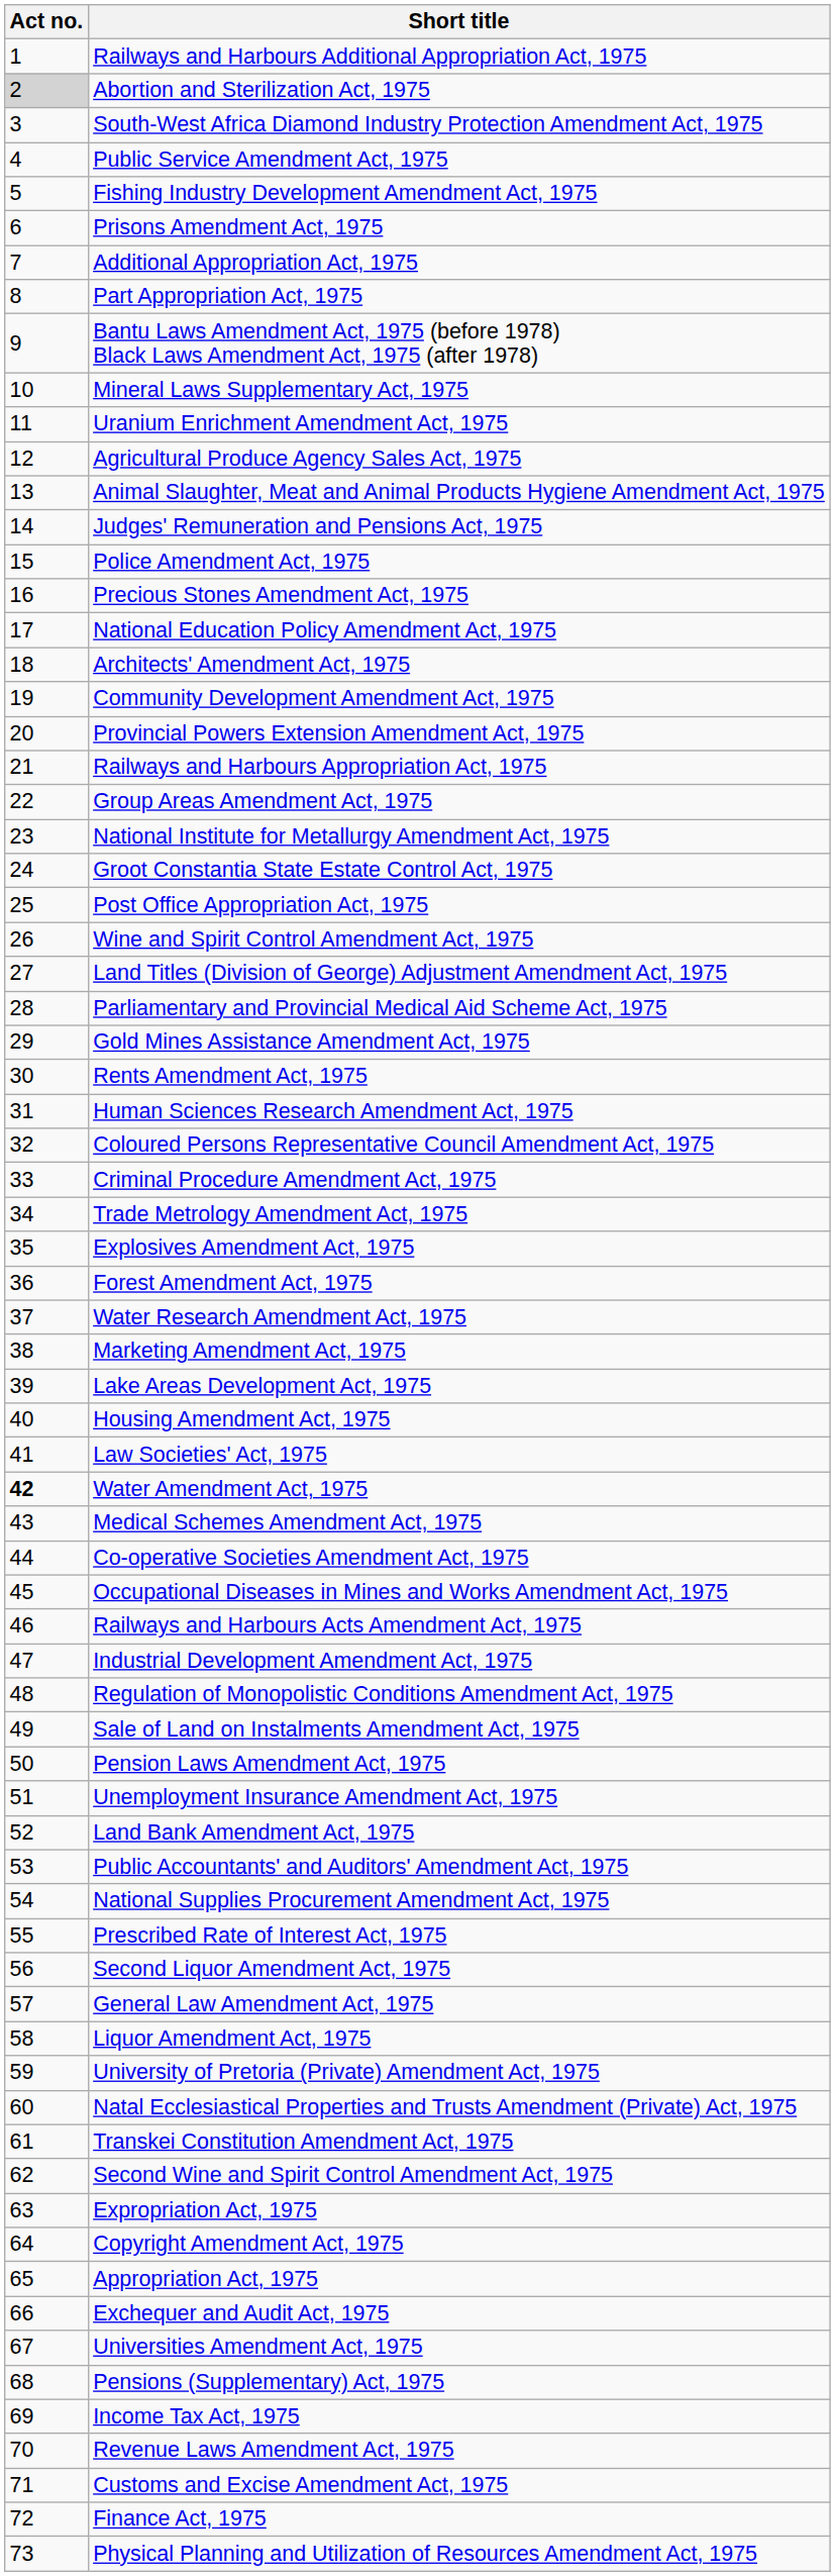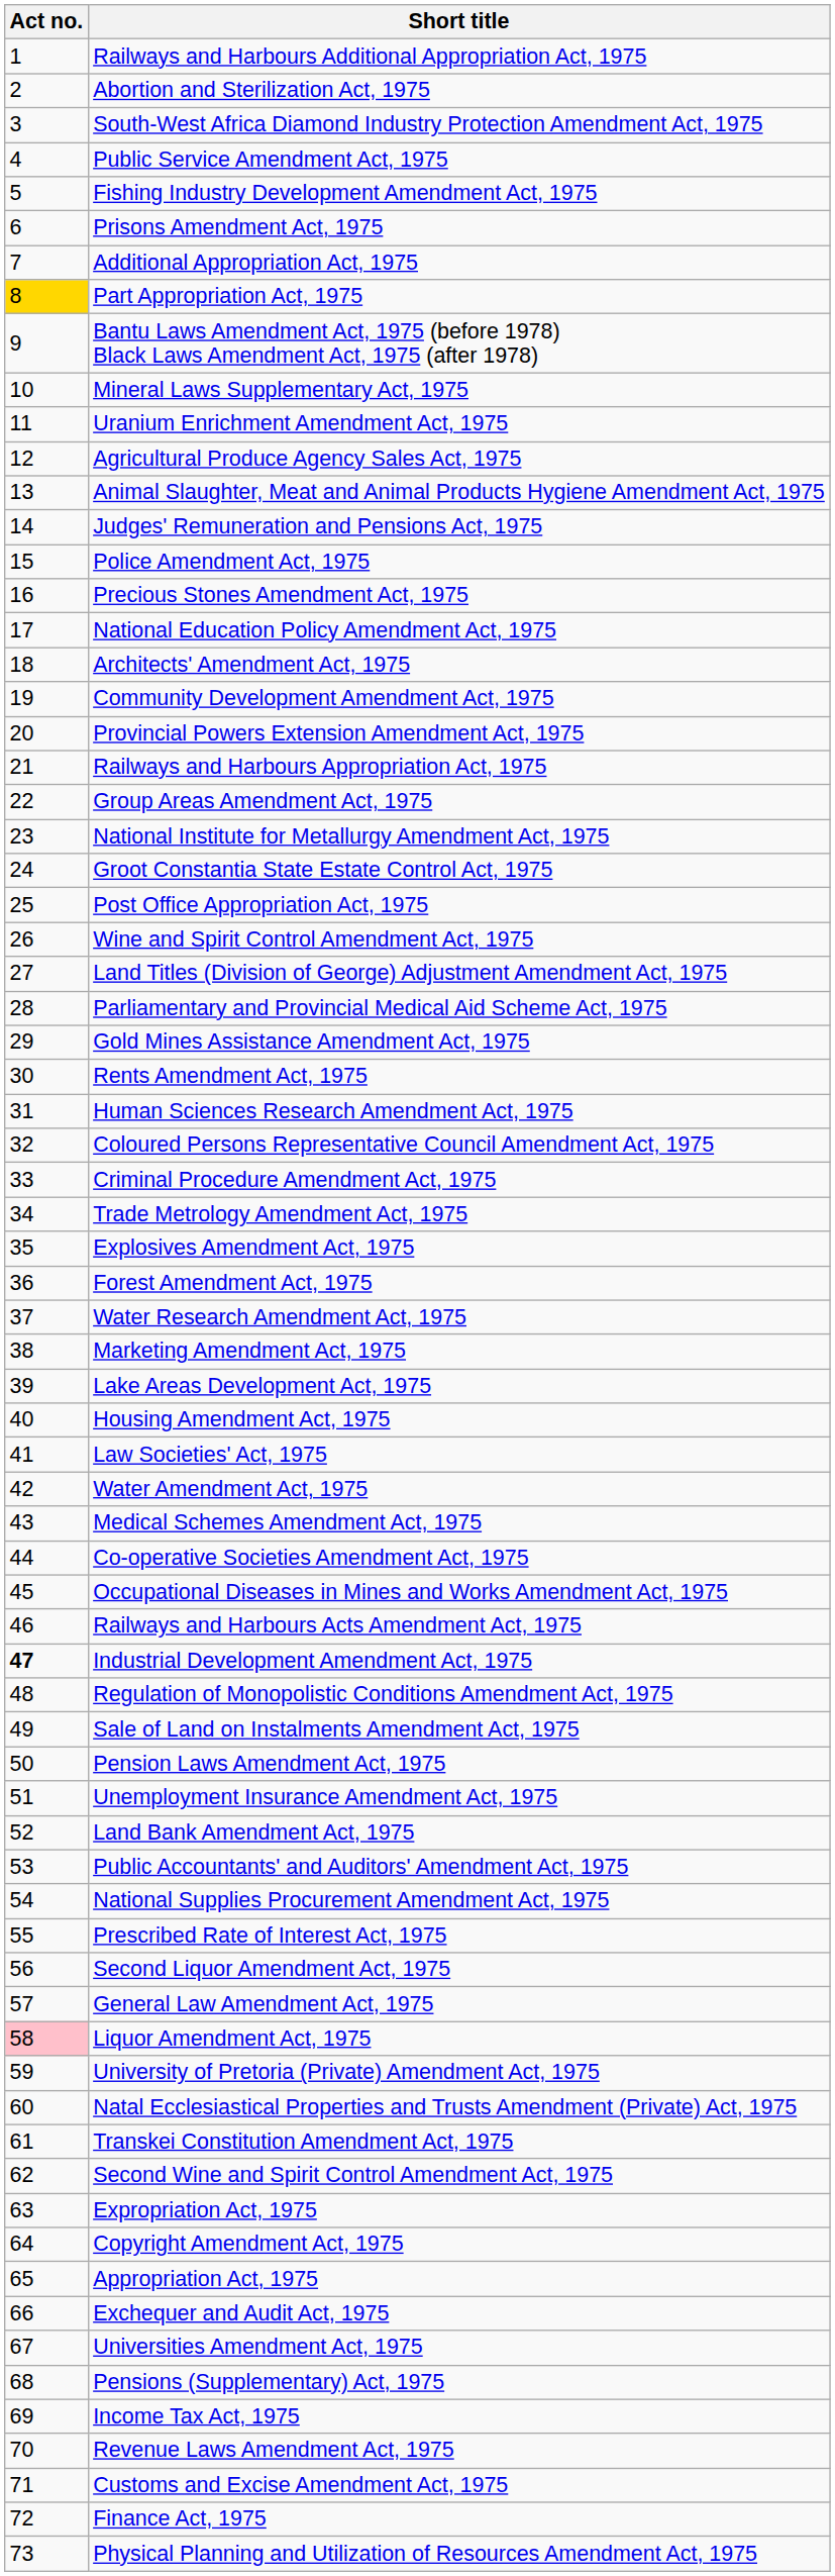 <table class="wikitable sortable">
 <tr>
 <th>Act no.</th>
 <th>Short title</th>
 </tr>
 <tr>
 <td>1</td>
 <td><a href='#'>Railways and Harbours Additional Appropriation Act, 1975</a></td>
 </tr>
 <tr>
-<td style="background: lightgrey;">2</td>
+<td>2</td>
 <td><a href='#'>Abortion and Sterilization Act, 1975</a></td>
 </tr>
 <tr>
 <td>3</td>
 <td><a href='#'>South-West Africa Diamond Industry Protection Amendment Act, 1975</a></td>
 </tr>
 <tr>
 <td>4</td>
 <td><a href='#'>Public Service Amendment Act, 1975</a></td>
 </tr>
 <tr>
 <td>5</td>
 <td><a href='#'>Fishing Industry Development Amendment Act, 1975</a></td>
 </tr>
 <tr>
 <td>6</td>
 <td><a href='#'>Prisons Amendment Act, 1975</a></td>
 </tr>
 <tr>
 <td>7</td>
 <td><a href='#'>Additional Appropriation Act, 1975</a></td>
 </tr>
 <tr>
-<td>8</td>
+<td style="background: gold;">8</td>
 <td><a href='#'>Part Appropriation Act, 1975</a></td>
 </tr>
 <tr>
 <td>9</td>
 <td><a href='#'>Bantu Laws Amendment Act, 1975</a> (before 1978) <br><a href='#'>Black Laws Amendment Act, 1975</a> (after 1978)</td>
 </tr>
 <tr>
 <td>10</td>
 <td><a href='#'>Mineral Laws Supplementary Act, 1975</a></td>
 </tr>
 <tr>
 <td>11</td>
 <td><a href='#'>Uranium Enrichment Amendment Act, 1975</a></td>
 </tr>
 <tr>
 <td>12</td>
 <td><a href='#'>Agricultural Produce Agency Sales Act, 1975</a></td>
 </tr>
 <tr>
 <td>13</td>
 <td><a href='#'>Animal Slaughter, Meat and Animal Products Hygiene Amendment Act, 1975</a></td>
 </tr>
 <tr>
 <td>14</td>
 <td><a href='#'>Judges' Remuneration and Pensions Act, 1975</a></td>
 </tr>
 <tr>
 <td>15</td>
 <td><a href='#'>Police Amendment Act, 1975</a></td>
 </tr>
 <tr>
 <td>16</td>
 <td><a href='#'>Precious Stones Amendment Act, 1975</a></td>
 </tr>
 <tr>
 <td>17</td>
 <td><a href='#'>National Education Policy Amendment Act, 1975</a></td>
 </tr>
 <tr>
 <td>18</td>
 <td><a href='#'>Architects' Amendment Act, 1975</a></td>
 </tr>
 <tr>
 <td>19</td>
 <td><a href='#'>Community Development Amendment Act, 1975</a></td>
 </tr>
 <tr>
 <td>20</td>
 <td><a href='#'>Provincial Powers Extension Amendment Act, 1975</a></td>
 </tr>
 <tr>
 <td>21</td>
 <td><a href='#'>Railways and Harbours Appropriation Act, 1975</a></td>
 </tr>
 <tr>
 <td>22</td>
 <td><a href='#'>Group Areas Amendment Act, 1975</a></td>
 </tr>
 <tr>
 <td>23</td>
 <td><a href='#'>National Institute for Metallurgy Amendment Act, 1975</a></td>
 </tr>
 <tr>
 <td>24</td>
 <td><a href='#'>Groot Constantia State Estate Control Act, 1975</a></td>
 </tr>
 <tr>
 <td>25</td>
 <td><a href='#'>Post Office Appropriation Act, 1975</a></td>
 </tr>
 <tr>
 <td>26</td>
 <td><a href='#'>Wine and Spirit Control Amendment Act, 1975</a></td>
 </tr>
 <tr>
 <td>27</td>
 <td><a href='#'>Land Titles (Division of George) Adjustment Amendment Act, 1975</a></td>
 </tr>
 <tr>
 <td>28</td>
 <td><a href='#'>Parliamentary and Provincial Medical Aid Scheme Act, 1975</a></td>
 </tr>
 <tr>
 <td>29</td>
 <td><a href='#'>Gold Mines Assistance Amendment Act, 1975</a></td>
 </tr>
 <tr>
 <td>30</td>
 <td><a href='#'>Rents Amendment Act, 1975</a></td>
 </tr>
 <tr>
 <td>31</td>
 <td><a href='#'>Human Sciences Research Amendment Act, 1975</a></td>
 </tr>
 <tr>
 <td>32</td>
 <td><a href='#'>Coloured Persons Representative Council Amendment Act, 1975</a></td>
 </tr>
 <tr>
 <td>33</td>
 <td><a href='#'>Criminal Procedure Amendment Act, 1975</a></td>
 </tr>
 <tr>
 <td>34</td>
 <td><a href='#'>Trade Metrology Amendment Act, 1975</a></td>
 </tr>
 <tr>
 <td>35</td>
 <td><a href='#'>Explosives Amendment Act, 1975</a></td>
 </tr>
 <tr>
 <td>36</td>
 <td><a href='#'>Forest Amendment Act, 1975</a></td>
 </tr>
 <tr>
 <td>37</td>
 <td><a href='#'>Water Research Amendment Act, 1975</a></td>
 </tr>
 <tr>
 <td>38</td>
 <td><a href='#'>Marketing Amendment Act, 1975</a></td>
 </tr>
 <tr>
 <td>39</td>
 <td><a href='#'>Lake Areas Development Act, 1975</a></td>
 </tr>
 <tr>
 <td>40</td>
 <td><a href='#'>Housing Amendment Act, 1975</a></td>
 </tr>
 <tr>
 <td>41</td>
 <td><a href='#'>Law Societies' Act, 1975</a></td>
 </tr>
 <tr>
-<td><strong>42</strong></td>
+<td>42</td>
 <td><a href='#'>Water Amendment Act, 1975</a></td>
 </tr>
 <tr>
 <td>43</td>
 <td><a href='#'>Medical Schemes Amendment Act, 1975</a></td>
 </tr>
 <tr>
 <td>44</td>
 <td><a href='#'>Co-operative Societies Amendment Act, 1975</a></td>
 </tr>
 <tr>
 <td>45</td>
 <td><a href='#'>Occupational Diseases in Mines and Works Amendment Act, 1975</a></td>
 </tr>
 <tr>
 <td>46</td>
 <td><a href='#'>Railways and Harbours Acts Amendment Act, 1975</a></td>
 </tr>
 <tr>
-<td>47</td>
+<td><strong>47</strong></td>
 <td><a href='#'>Industrial Development Amendment Act, 1975</a></td>
 </tr>
 <tr>
 <td>48</td>
 <td><a href='#'>Regulation of Monopolistic Conditions Amendment Act, 1975</a></td>
 </tr>
 <tr>
 <td>49</td>
 <td><a href='#'>Sale of Land on Instalments Amendment Act, 1975</a></td>
 </tr>
 <tr>
 <td>50</td>
 <td><a href='#'>Pension Laws Amendment Act, 1975</a></td>
 </tr>
 <tr>
 <td>51</td>
 <td><a href='#'>Unemployment Insurance Amendment Act, 1975</a></td>
 </tr>
 <tr>
 <td>52</td>
 <td><a href='#'>Land Bank Amendment Act, 1975</a></td>
 </tr>
 <tr>
 <td>53</td>
 <td><a href='#'>Public Accountants' and Auditors' Amendment Act, 1975</a></td>
 </tr>
 <tr>
 <td>54</td>
 <td><a href='#'>National Supplies Procurement Amendment Act, 1975</a></td>
 </tr>
 <tr>
 <td>55</td>
 <td><a href='#'>Prescribed Rate of Interest Act, 1975</a></td>
 </tr>
 <tr>
 <td>56</td>
 <td><a href='#'>Second Liquor Amendment Act, 1975</a></td>
 </tr>
 <tr>
 <td>57</td>
 <td><a href='#'>General Law Amendment Act, 1975</a></td>
 </tr>
 <tr>
-<td>58</td>
+<td style="background: pink;">58</td>
 <td><a href='#'>Liquor Amendment Act, 1975</a></td>
 </tr>
 <tr>
 <td>59</td>
 <td><a href='#'>University of Pretoria (Private) Amendment Act, 1975</a></td>
 </tr>
 <tr>
 <td>60</td>
 <td><a href='#'>Natal Ecclesiastical Properties and Trusts Amendment (Private) Act, 1975</a></td>
 </tr>
 <tr>
 <td>61</td>
 <td><a href='#'>Transkei Constitution Amendment Act, 1975</a></td>
 </tr>
 <tr>
 <td>62</td>
 <td><a href='#'>Second Wine and Spirit Control Amendment Act, 1975</a></td>
 </tr>
 <tr>
 <td>63</td>
 <td><a href='#'>Expropriation Act, 1975</a></td>
 </tr>
 <tr>
 <td>64</td>
 <td><a href='#'>Copyright Amendment Act, 1975</a></td>
 </tr>
 <tr>
 <td>65</td>
 <td><a href='#'>Appropriation Act, 1975</a></td>
 </tr>
 <tr>
 <td>66</td>
 <td><a href='#'>Exchequer and Audit Act, 1975</a></td>
 </tr>
 <tr>
 <td>67</td>
 <td><a href='#'>Universities Amendment Act, 1975</a></td>
 </tr>
 <tr>
 <td>68</td>
 <td><a href='#'>Pensions (Supplementary) Act, 1975</a></td>
 </tr>
 <tr>
 <td>69</td>
 <td><a href='#'>Income Tax Act, 1975</a></td>
 </tr>
 <tr>
 <td>70</td>
 <td><a href='#'>Revenue Laws Amendment Act, 1975</a></td>
 </tr>
 <tr>
 <td>71</td>
 <td><a href='#'>Customs and Excise Amendment Act, 1975</a></td>
 </tr>
 <tr>
 <td>72</td>
 <td><a href='#'>Finance Act, 1975</a></td>
 </tr>
 <tr>
 <td>73</td>
 <td><a href='#'>Physical Planning and Utilization of Resources Amendment Act, 1975</a></td>
 </tr>
 </table>
